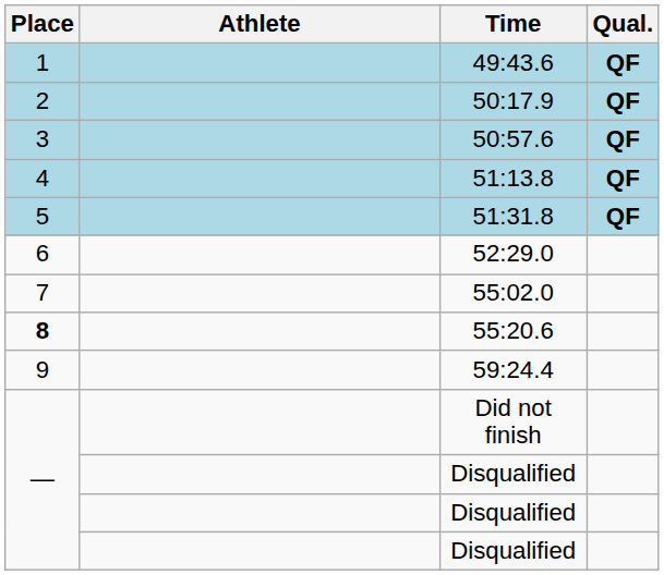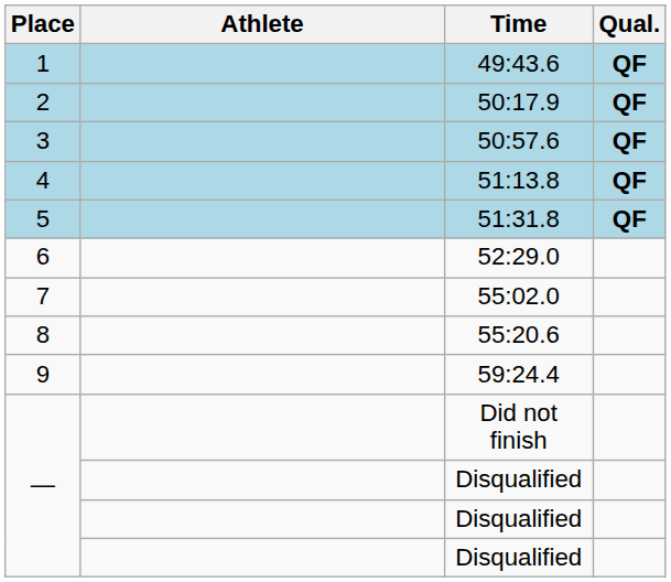 <table class=wikitable style="text-align:center">
 <tr>
 <th width=40>Place</th>
 <th width=230>Athlete</th>
 <th width=90>Time</th>
 <th width=40>Qual.</th>
 </tr>
 <tr bgcolor=lightblue>
 <td>1</td>
 <td align=left></td>
 <td>49:43.6</td>
 <td><strong>QF</strong></td>
 </tr>
 <tr bgcolor=lightblue>
 <td>2</td>
 <td align=left></td>
 <td>50:17.9</td>
 <td><strong>QF</strong></td>
 </tr>
 <tr bgcolor=lightblue>
 <td>3</td>
 <td align=left></td>
 <td>50:57.6</td>
 <td><strong>QF</strong></td>
 </tr>
 <tr bgcolor=lightblue>
 <td>4</td>
 <td align=left></td>
 <td>51:13.8</td>
 <td><strong>QF</strong></td>
 </tr>
 <tr bgcolor=lightblue>
 <td>5</td>
 <td align=left></td>
 <td>51:31.8</td>
 <td><strong>QF</strong></td>
 </tr>
 <tr>
 <td>6</td>
 <td align=left></td>
 <td>52:29.0</td>
 <td></td>
 </tr>
 <tr>
 <td>7</td>
 <td align=left></td>
 <td>55:02.0</td>
 <td></td>
 </tr>
 <tr>
-<td><strong>8</strong></td>
+<td>8</td>
 <td align=left></td>
 <td>55:20.6</td>
 <td></td>
 </tr>
 <tr>
 <td>9</td>
 <td align=left></td>
 <td>59:24.4</td>
 <td></td>
 </tr>
 <tr>
 <td rowspan=4>—</td>
 <td align=left></td>
 <td>Did not finish</td>
 <td></td>
 </tr>
 <tr>
 <td align=left></td>
 <td>Disqualified</td>
 <td></td>
 </tr>
 <tr>
 <td align=left></td>
 <td>Disqualified</td>
 <td></td>
 </tr>
 <tr>
 <td align=left></td>
 <td>Disqualified</td>
 <td></td>
 </tr>
 </table>
